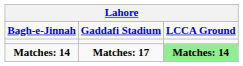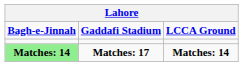 <table class="wikitable" style="text-align:center;margin:1em auto;">
 <tr>
 <th colspan=3><a href='#'>Lahore</a></th>
 </tr>
 <tr>
 <td><strong><a href='#'>Bagh-e-Jinnah</a></strong></td>
 <td><strong><a href='#'>Gaddafi Stadium</a></strong></td>
 <td><strong><a href='#'>LCCA Ground</a></strong></td>
 </tr>
 <tr>
 <td></td>
 <td></td>
 <td></td>
 </tr>
 <tr>
+<td style="background: lightgreen;"><strong>Matches: 14</strong></td>
+<td><strong>Matches: 17</strong></td>
 <td><strong>Matches: 14</strong></td>
-<td><strong>Matches: 17</strong></td>
-<td style="background: lightgreen;"><strong>Matches: 14</strong></td>
 </tr>
 </table>
